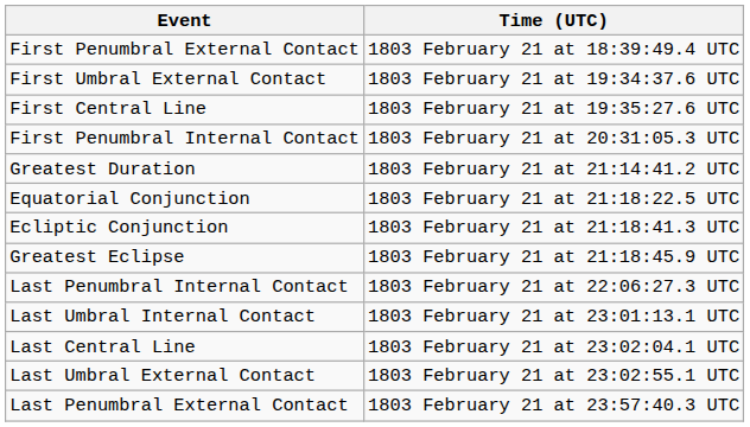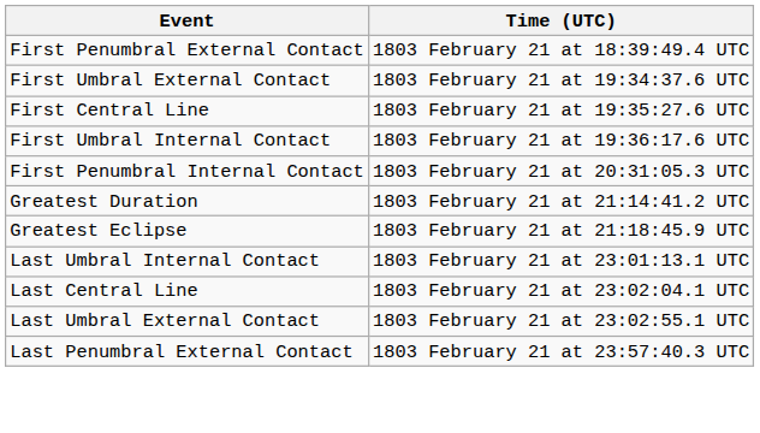 <table class="wikitable">
 <tr>
 <th>Event</th>
 <th>Time (UTC)</th>
 </tr>
 <tr>
 <td>First Penumbral External Contact</td>
 <td>1803 February 21 at 18:39:49.4 UTC</td>
 </tr>
 <tr>
 <td>First Umbral External Contact</td>
 <td>1803 February 21 at 19:34:37.6 UTC</td>
 </tr>
 <tr>
 <td>First Central Line</td>
 <td>1803 February 21 at 19:35:27.6 UTC</td>
 </tr>
 <tr>
+<td>First Umbral Internal Contact</td>
+<td>1803 February 21 at 19:36:17.6 UTC</td>
+</tr>
+<tr>
 <td>First Penumbral Internal Contact</td>
 <td>1803 February 21 at 20:31:05.3 UTC</td>
 </tr>
 <tr>
 <td>Greatest Duration</td>
 <td>1803 February 21 at 21:14:41.2 UTC</td>
 </tr>
 <tr>
-<td>Equatorial Conjunction</td>
-<td>1803 February 21 at 21:18:22.5 UTC</td>
-</tr>
-<tr>
-<td>Ecliptic Conjunction</td>
-<td>1803 February 21 at 21:18:41.3 UTC</td>
-</tr>
-<tr>
 <td>Greatest Eclipse</td>
 <td>1803 February 21 at 21:18:45.9 UTC</td>
-</tr>
-<tr>
-<td>Last Penumbral Internal Contact</td>
-<td>1803 February 21 at 22:06:27.3 UTC</td>
 </tr>
 <tr>
 <td>Last Umbral Internal Contact</td>
 <td>1803 February 21 at 23:01:13.1 UTC</td>
 </tr>
 <tr>
 <td>Last Central Line</td>
 <td>1803 February 21 at 23:02:04.1 UTC</td>
 </tr>
 <tr>
 <td>Last Umbral External Contact</td>
 <td>1803 February 21 at 23:02:55.1 UTC</td>
 </tr>
 <tr>
 <td>Last Penumbral External Contact</td>
 <td>1803 February 21 at 23:57:40.3 UTC</td>
 </tr>
 </table>
